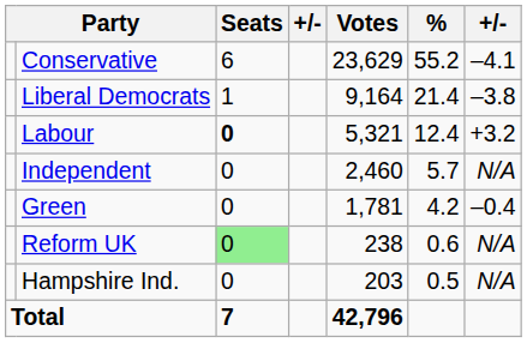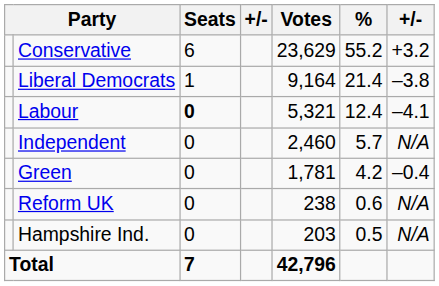 <table class="wikitable sortable">
 <tr>
 <th colspan="2">Party</th>
 <th>Seats</th>
 <th>+/-</th>
 <th>Votes</th>
 <th>%</th>
 <th>+/-</th>
 </tr>
 <tr>
 <td style="background-color: "></td>
 <td><a href='#'>Conservative</a></td>
 <td>6</td>
 <td></td>
 <td style="text-align:right;">23,629</td>
 <td style="text-align:right;">55.2</td>
-<td style="text-align:right;">–4.1</td>
+<td style="text-align:right;">+3.2</td>
 </tr>
 <tr>
 <td style="background-color: "></td>
 <td><a href='#'>Liberal Democrats</a></td>
 <td>1</td>
 <td></td>
 <td style="text-align:right;">9,164</td>
 <td style="text-align:right;">21.4</td>
 <td style="text-align:right;">–3.8</td>
 </tr>
 <tr>
 <td style="background-color: "></td>
 <td><a href='#'>Labour</a></td>
 <td><strong>0</strong></td>
 <td></td>
 <td style="text-align:right;">5,321</td>
 <td style="text-align:right;">12.4</td>
-<td style="text-align:right;">+3.2</td>
+<td style="text-align:right;">–4.1</td>
 </tr>
 <tr>
 <td style="background-color: "></td>
 <td><a href='#'>Independent</a></td>
 <td>0</td>
 <td></td>
 <td style="text-align:right;">2,460</td>
 <td style="text-align:right;">5.7</td>
 <td style="text-align:right;"><em>N/A</em></td>
 </tr>
 <tr>
 <td style="background-color: "></td>
 <td><a href='#'>Green</a></td>
 <td>0</td>
 <td></td>
 <td style="text-align:right;">1,781</td>
 <td style="text-align:right;">4.2</td>
 <td style="text-align:right;">–0.4</td>
 </tr>
 <tr>
 <td style="background-color: "></td>
 <td><a href='#'>Reform UK</a></td>
-<td style="background: lightgreen;">0</td>
+<td>0</td>
 <td></td>
 <td style="text-align:right;">238</td>
 <td style="text-align:right;">0.6</td>
 <td style="text-align:right;"><em>N/A</em></td>
 </tr>
 <tr>
 <td style="background-color: "></td>
 <td>Hampshire Ind.</td>
 <td>0</td>
 <td></td>
 <td style="text-align:right;">203</td>
 <td style="text-align:right;">0.5</td>
 <td style="text-align:right;"><em>N/A</em></td>
 </tr>
 <tr>
 <td colspan="2"><strong>Total</strong></td>
 <td><strong>7</strong></td>
 <td></td>
 <td style="text-align:right;"><strong>42,796</strong></td>
 <td style="text-align:right;"></td>
 <td style="text-align:right;"></td>
 </tr>
 </table>
